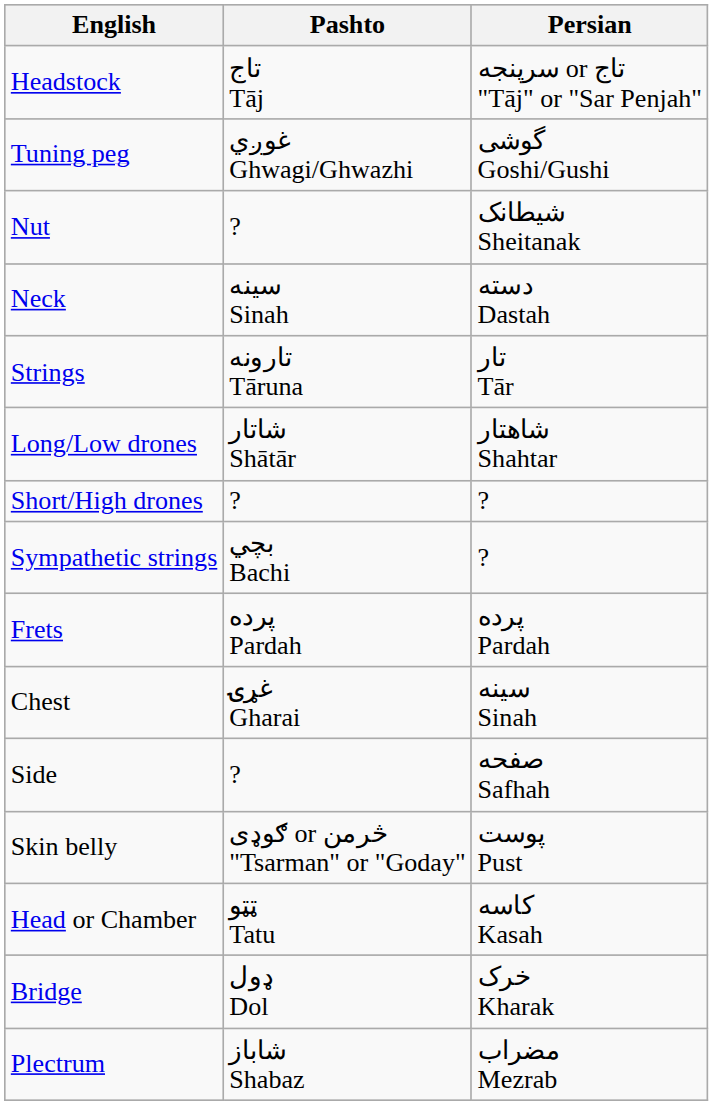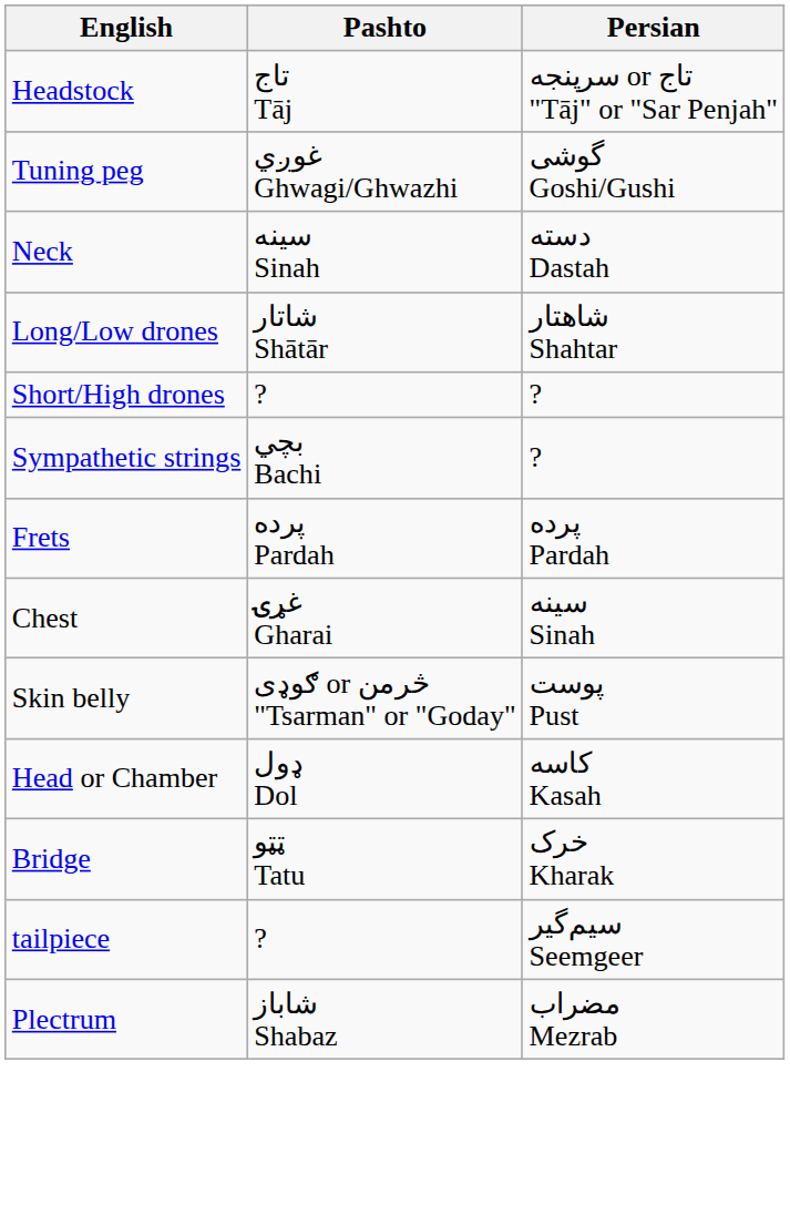 <table class="wikitable">
 <tr>
 <th>English</th>
 <th>Pashto</th>
 <th>Persian</th>
 </tr>
 <tr>
 <td><a href='#'>Headstock</a></td>
 <td>تاج<br>Tāj</td>
 <td>سرپنجه or  تاج<br>"Tāj" or "Sar Penjah"</td>
 </tr>
 <tr>
 <td><a href='#'>Tuning peg</a></td>
 <td>غوږي<br>Ghwagi/Ghwazhi</td>
 <td>گوشی‌<br>Goshi/Gushi</td>
 </tr>
 <tr>
-<td><a href='#'>Nut</a></td>
-<td>?</td>
-<td>شیطانک<br>Sheitanak</td>
-</tr>
-<tr>
 <td><a href='#'>Neck</a></td>
 <td>سينه<br>Sinah</td>
 <td>دسته<br>Dastah</td>
-</tr>
-<tr>
-<td><a href='#'>Strings</a></td>
-<td>تارونه<br>Tāruna</td>
-<td>تار<br>Tār</td>
 </tr>
 <tr>
 <td><a href='#'>Long/Low drones</a></td>
 <td>شاتار<br>Shātār</td>
 <td>شاهتار<br>Shahtar</td>
 </tr>
 <tr>
 <td><a href='#'>Short/High drones</a></td>
 <td>?</td>
 <td>?</td>
 </tr>
 <tr>
 <td><a href='#'>Sympathetic strings</a></td>
 <td>بچي<br>Bachi</td>
 <td>?</td>
 </tr>
 <tr>
 <td><a href='#'>Frets</a></td>
 <td>پرده<br>Pardah</td>
 <td>پرده<br>Pardah</td>
 </tr>
 <tr>
 <td>Chest</td>
 <td>غړۍ<br>Gharai</td>
 <td>سینه<br>Sinah</td>
 </tr>
 <tr>
-<td>Side</td>
-<td>?</td>
-<td>صفحه<br>Safhah</td>
-</tr>
-<tr>
 <td>Skin belly</td>
 <td>ګوډی or څرمن<br>"Tsarman" or "Goday"</td>
 <td>پوست<br>Pust</td>
 </tr>
 <tr>
 <td><a href='#'>Head</a> or Chamber</td>
-<td>ټټو<br>Tatu</td>
+<td>ډول<br>Dol</td>
 <td>کاسه<br>Kasah</td>
 </tr>
 <tr>
 <td><a href='#'>Bridge</a></td>
-<td>ډول<br>Dol</td>
+<td>ټټو<br>Tatu</td>
 <td>خرک<br>Kharak</td>
+</tr>
+<tr>
+<td><a href='#'>tailpiece</a></td>
+<td>?</td>
+<td>سیم‌گیر<br>Seemgeer</td>
 </tr>
 <tr>
 <td><a href='#'>Plectrum</a></td>
 <td>شاباز<br>Shabaz</td>
 <td>مضراب<br>Mezrab</td>
 </tr>
 </table>
